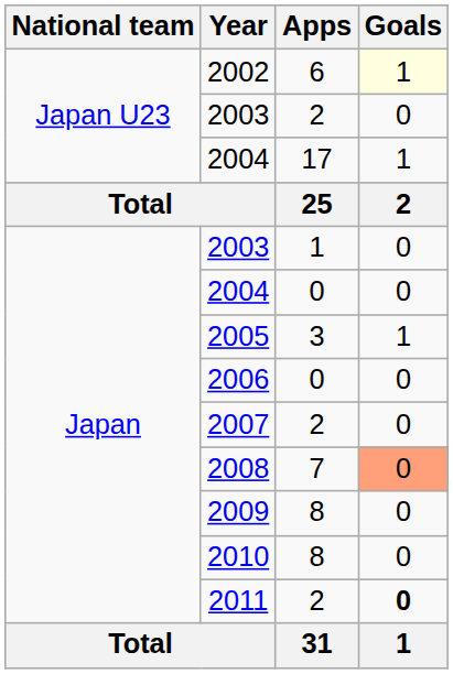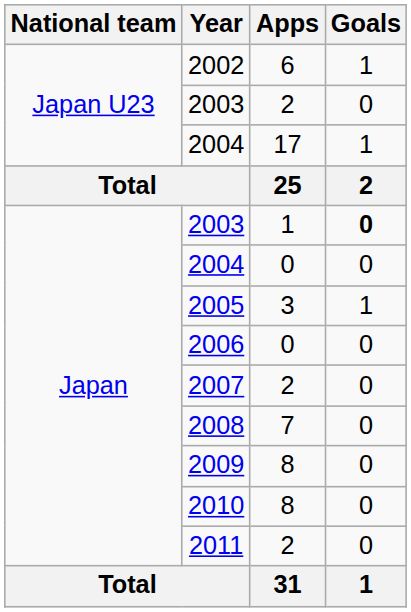 <table class="wikitable" style="text-align:center">
 <tr>
 <th>National team</th>
 <th>Year</th>
 <th>Apps</th>
 <th>Goals</th>
 </tr>
 <tr>
 <td rowspan="3"><a href='#'>Japan U23</a></td>
 <td>2002</td>
 <td>6</td>
-<td style="background: lightyellow;">1</td>
+<td>1</td>
 </tr>
 <tr>
 <td>2003</td>
 <td>2</td>
 <td>0</td>
 </tr>
 <tr>
 <td>2004</td>
 <td>17</td>
 <td>1</td>
 </tr>
 <tr>
 <th colspan="2">Total</th>
 <th>25</th>
 <th>2</th>
 </tr>
 <tr>
 <td rowspan="9"><a href='#'>Japan</a></td>
 <td><a href='#'>2003</a></td>
 <td>1</td>
-<td>0</td>
+<td><strong>0</strong></td>
 </tr>
 <tr>
 <td><a href='#'>2004</a></td>
 <td>0</td>
 <td>0</td>
 </tr>
 <tr>
 <td><a href='#'>2005</a></td>
 <td>3</td>
 <td>1</td>
 </tr>
 <tr>
 <td><a href='#'>2006</a></td>
 <td>0</td>
 <td>0</td>
 </tr>
 <tr>
 <td><a href='#'>2007</a></td>
 <td>2</td>
 <td>0</td>
 </tr>
 <tr>
 <td><a href='#'>2008</a></td>
 <td>7</td>
-<td style="background: lightsalmon;">0</td>
+<td>0</td>
 </tr>
 <tr>
 <td><a href='#'>2009</a></td>
 <td>8</td>
 <td>0</td>
 </tr>
 <tr>
 <td><a href='#'>2010</a></td>
 <td>8</td>
 <td>0</td>
 </tr>
 <tr>
 <td><a href='#'>2011</a></td>
 <td>2</td>
-<td><strong>0</strong></td>
+<td>0</td>
 </tr>
 <tr>
 <th colspan="2">Total</th>
 <th>31</th>
 <th>1</th>
 </tr>
 </table>
